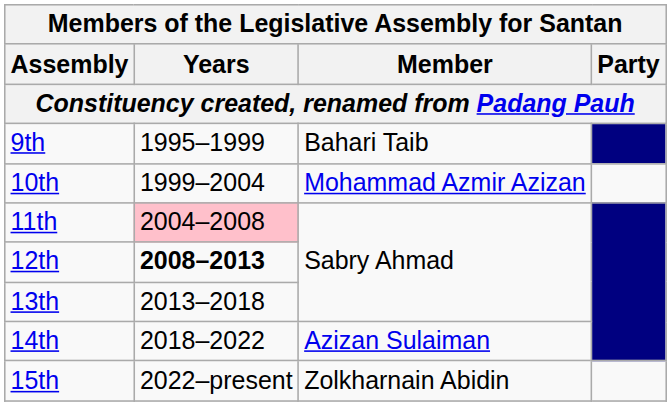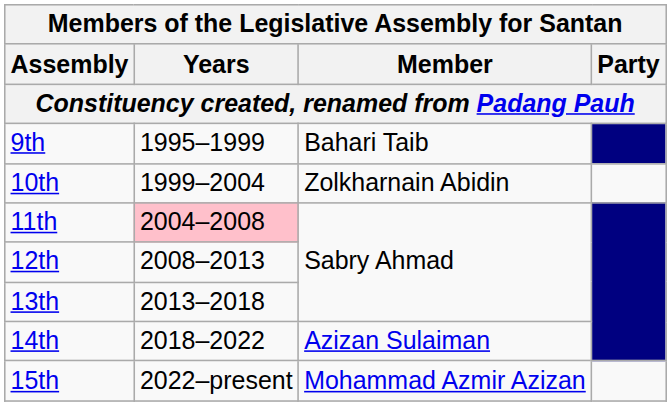 <table class=wikitable>
 <tr>
 <th colspan=4>Members of the Legislative Assembly for Santan</th>
 </tr>
 <tr>
 <th>Assembly</th>
 <th>Years</th>
 <th>Member</th>
 <th>Party</th>
 </tr>
 <tr>
 <th colspan=4 align=center><em>Constituency created, renamed from <a href='#'>Padang Pauh</a></em></th>
 </tr>
 <tr>
 <td><a href='#'>9th</a></td>
 <td>1995–1999</td>
 <td>Bahari Taib</td>
 <td bgcolor=#000080></td>
 </tr>
 <tr>
 <td><a href='#'>10th</a></td>
 <td>1999–2004</td>
-<td><a href='#'>Mohammad Azmir Azizan</a></td>
+<td>Zolkharnain Abidin</td>
 <td></td>
 </tr>
 <tr>
 <td><a href='#'>11th</a></td>
 <td style="background: pink;">2004–2008</td>
 <td rowspan=3>Sabry Ahmad</td>
 <td rowspan=4 bgcolor=#000080></td>
 </tr>
 <tr>
 <td><a href='#'>12th</a></td>
-<td><strong>2008–2013</strong></td>
+<td>2008–2013</td>
 </tr>
 <tr>
 <td><a href='#'>13th</a></td>
 <td>2013–2018</td>
 </tr>
 <tr>
 <td><a href='#'>14th</a></td>
 <td>2018–2022</td>
 <td><a href='#'>Azizan Sulaiman</a></td>
 </tr>
 <tr>
 <td><a href='#'>15th</a></td>
 <td>2022–present</td>
-<td>Zolkharnain Abidin</td>
+<td><a href='#'>Mohammad Azmir Azizan</a></td>
 <td></td>
 </tr>
 </table>
